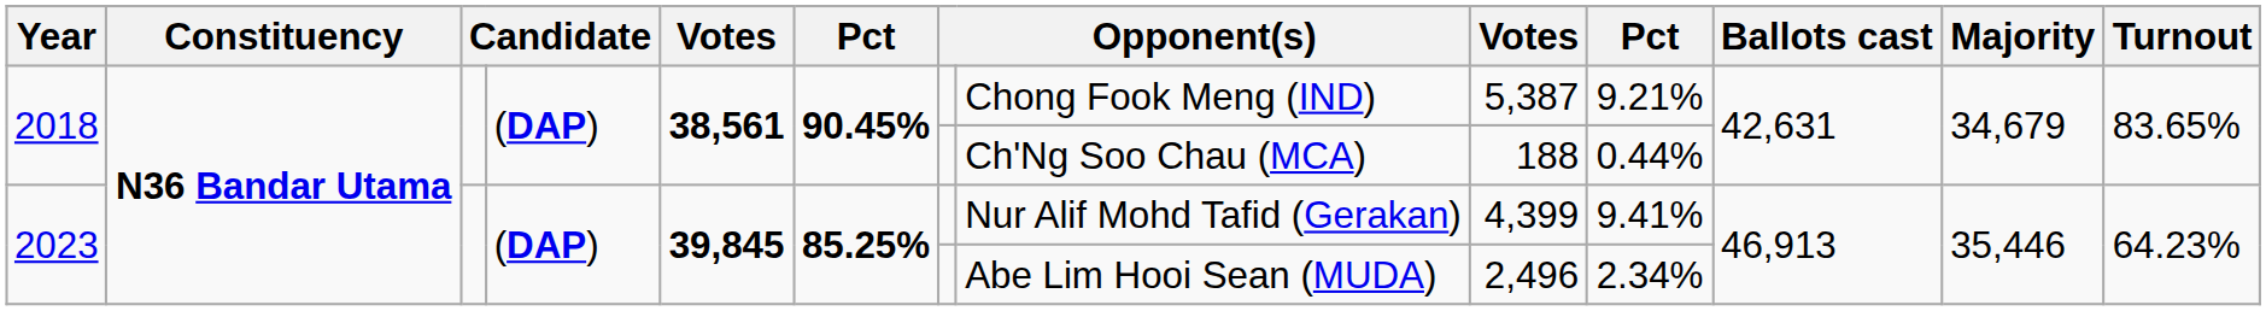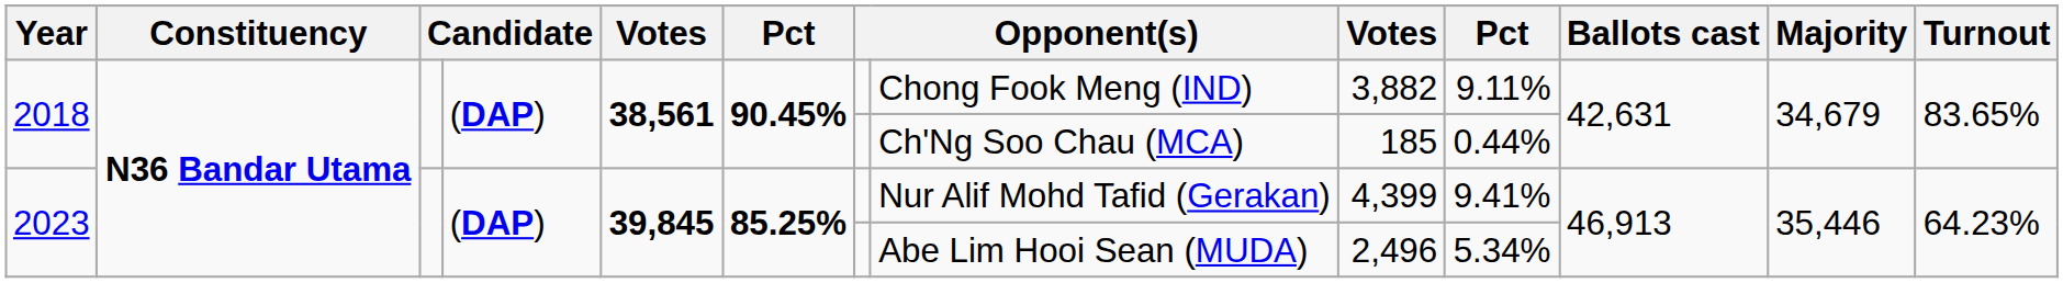 <table class="wikitable" style="margin:0.5em ; font-size:95%">
 <tr>
 <th>Year</th>
 <th>Constituency</th>
 <th colspan=2>Candidate</th>
 <th>Votes</th>
 <th>Pct</th>
 <th colspan=2>Opponent(s)</th>
 <th>Votes</th>
 <th>Pct</th>
 <th>Ballots cast</th>
 <th>Majority</th>
 <th>Turnout</th>
 </tr>
 <tr>
 <td rowspan=2><a href='#'>2018</a></td>
 <td rowspan=4><strong>N36 <a href='#'>Bandar Utama</a></strong></td>
 <td rowspan="2" ></td>
 <td rowspan="2"> (<a href='#'><strong>DAP</strong></a>)</td>
 <td rowspan="2" style="text-align:right;"><strong>38,561</strong></td>
 <td rowspan="2"><strong>90.45%</strong></td>
 <td></td>
 <td>Chong Fook Meng (<a href='#'>IND</a>)</td>
-<td style="text-align:right;">5,387</td>
-<td style="text-align:right;">9.21%</td>
+<td style="text-align:right;">3,882</td>
+<td style="text-align:right;">9.11%</td>
 <td rowspan="2">42,631</td>
 <td rowspan="2">34,679</td>
 <td rowspan="2">83.65%</td>
 </tr>
 <tr>
 <td></td>
 <td>Ch'Ng Soo Chau (<a href='#'>MCA</a>)</td>
-<td style="text-align:right;">188</td>
+<td style="text-align:right;">185</td>
 <td style="text-align:right;">0.44%</td>
 </tr>
 <tr>
 <td rowspan="2"><a href='#'>2023</a></td>
 <td rowspan="2" ></td>
 <td rowspan="2"> (<a href='#'><strong>DAP</strong></a>)</td>
 <td rowspan="2" style="text-align:right;"><strong>39,845</strong></td>
 <td rowspan="2"><strong>85.25%</strong></td>
 <td></td>
 <td>Nur Alif Mohd Tafid (<a href='#'>Gerakan</a>)</td>
 <td style="text-align:right;">4,399</td>
 <td style="text-align:right;">9.41%</td>
 <td rowspan="2">46,913</td>
 <td rowspan="2">35,446</td>
 <td rowspan="2">64.23%</td>
 </tr>
 <tr>
 <td bgcolor=></td>
 <td>Abe Lim Hooi Sean (<a href='#'>MUDA</a>)</td>
 <td style="text-align:right;">2,496</td>
-<td style="text-align:right;">2.34%</td>
+<td style="text-align:right;">5.34%</td>
 </tr>
 </table>
